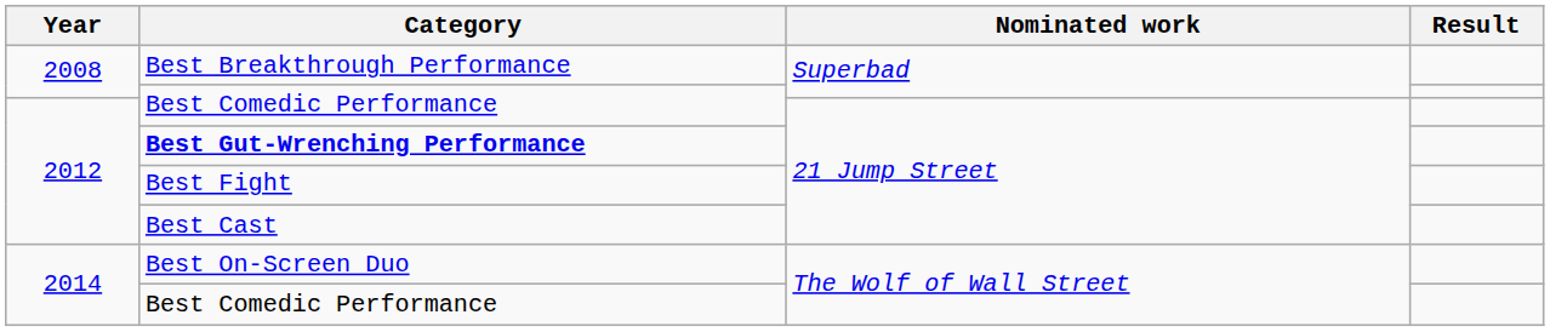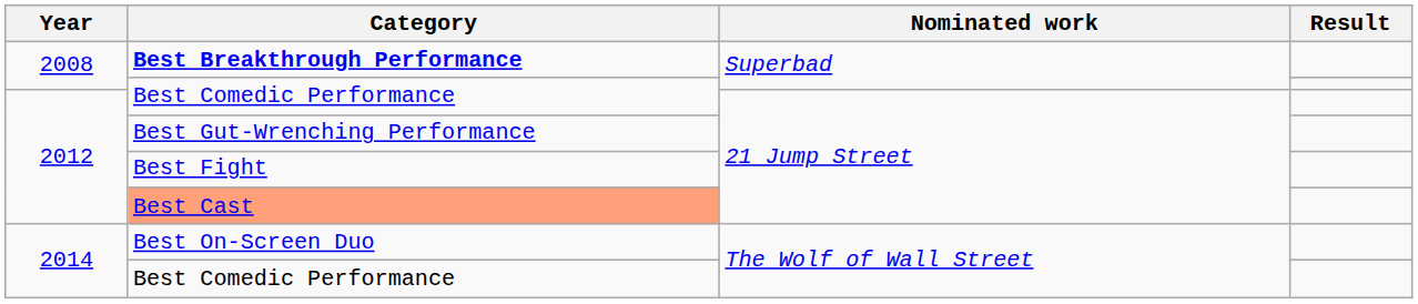 <table class=wikitable>
 <tr>
 <th scope="col" style="width:5em;">Year</th>
 <th scope="col" style="width:26em;">Category</th>
 <th scope="col" style="width:25em;">Nominated work</th>
 <th scope="col" style="width:5em;">Result</th>
 </tr>
 <tr>
 <td style="text-align:center;", rowspan="2"><a href='#'>2008</a></td>
-<td><a href='#'>Best Breakthrough Performance</a></td>
+<td><strong><a href='#'>Best Breakthrough Performance</a></strong></td>
 <td rowspan="2"><em><a href='#'>Superbad</a></em></td>
 <td></td>
 </tr>
 <tr>
 <td rowspan="2"><a href='#'>Best Comedic Performance</a></td>
 <td></td>
 </tr>
 <tr>
 <td style="text-align:center;", rowspan="4"><a href='#'>2012</a></td>
 <td rowspan="4"><em><a href='#'>21 Jump Street</a></em></td>
 <td></td>
 </tr>
 <tr>
-<td><strong><a href='#'>Best Gut-Wrenching Performance</a></strong></td>
+<td><a href='#'>Best Gut-Wrenching Performance</a></td>
 <td></td>
 </tr>
 <tr>
 <td><a href='#'>Best Fight</a></td>
 <td></td>
 </tr>
 <tr>
-<td><a href='#'>Best Cast</a></td>
+<td style="background: lightsalmon;"><a href='#'>Best Cast</a></td>
 <td></td>
 </tr>
 <tr>
 <td style="text-align:center;", rowspan="2"><a href='#'>2014</a></td>
 <td><a href='#'>Best On-Screen Duo</a></td>
 <td rowspan="2"><em><a href='#'>The Wolf of Wall Street</a></em></td>
 <td></td>
 </tr>
 <tr>
 <td>Best Comedic Performance</td>
 <td></td>
 </tr>
 </table>
